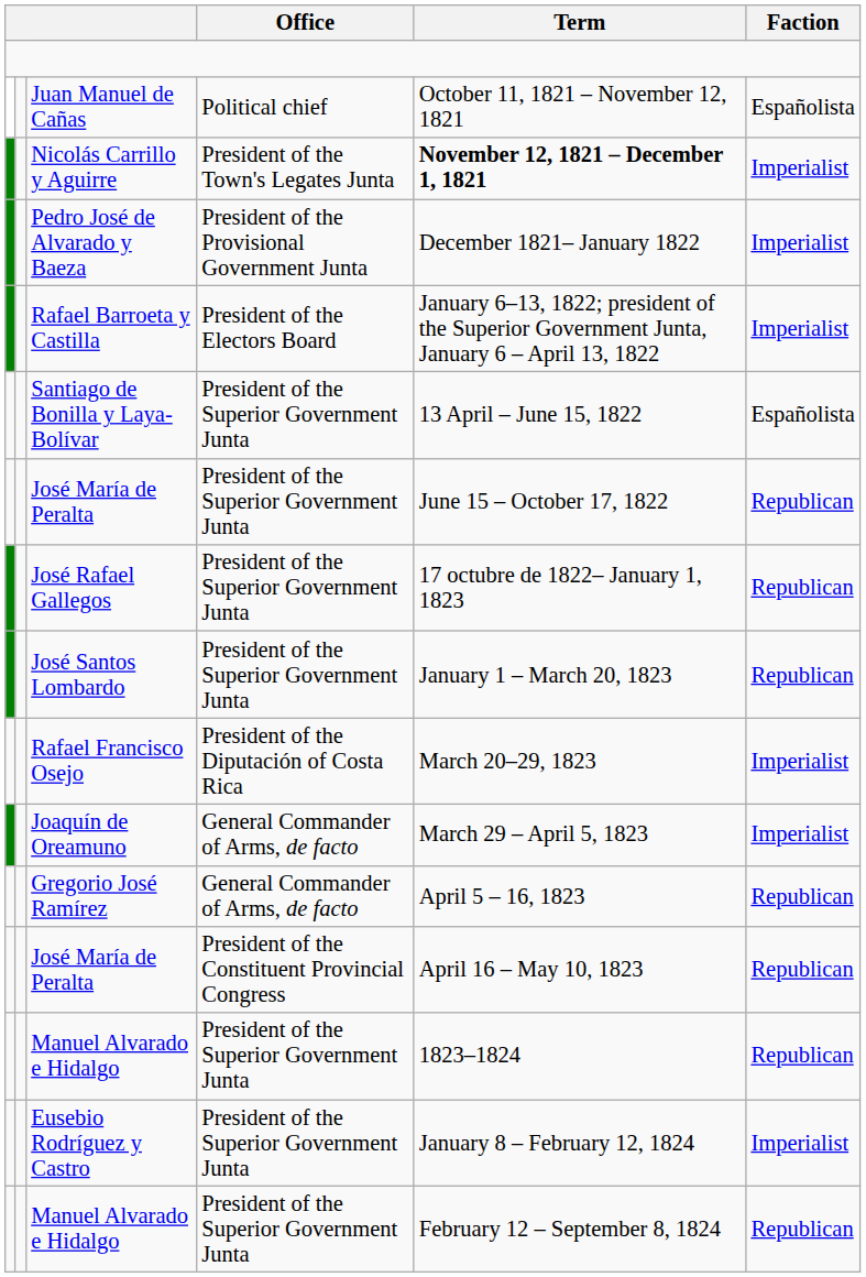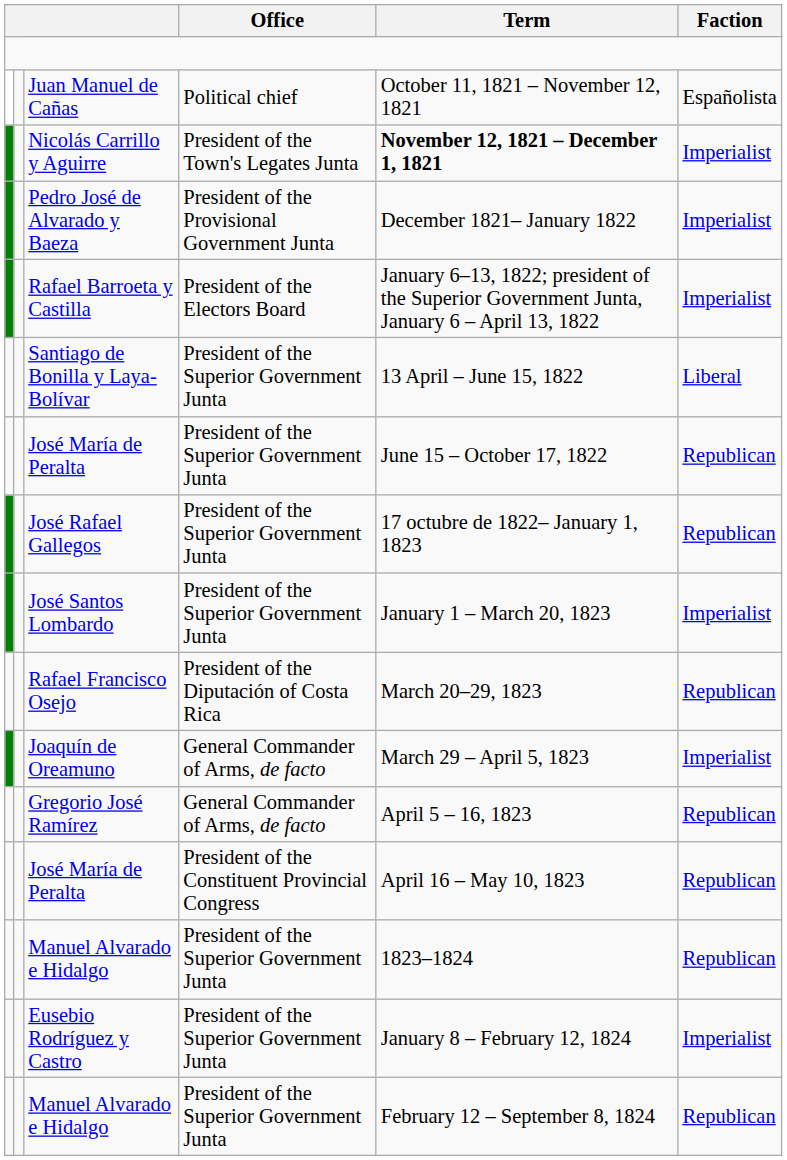 <table class="wikitable">
 <tr>
 <th Colspan=3></th>
 <th>Office</th>
 <th>Term</th>
 <th>Faction</th>
 </tr>
 <tr>
 <td colspan=7><br><div>   </div></td>
 </tr>
 <tr>
 <td style="background:white"></td>
 <td></td>
 <td><a href='#'>Juan Manuel de Cañas</a></td>
 <td>Political chief</td>
 <td>October 11, 1821 – November 12, 1821</td>
 <td>Españolista</td>
 </tr>
 <tr>
 <td style="background:Green"></td>
 <td></td>
 <td><a href='#'>Nicolás Carrillo y Aguirre</a></td>
 <td>President of the Town's Legates Junta</td>
 <td><strong>November 12, 1821 – December 1, 1821</strong></td>
 <td><a href='#'>Imperialist</a></td>
 </tr>
 <tr>
 <td style="background:Green"></td>
 <td></td>
 <td><a href='#'>Pedro José de Alvarado y Baeza</a></td>
 <td>President of the Provisional Government Junta</td>
 <td>December 1821– January 1822</td>
 <td><a href='#'>Imperialist</a></td>
 </tr>
 <tr>
 <td style="background:Green"></td>
 <td></td>
 <td><a href='#'>Rafael Barroeta y Castilla</a></td>
 <td>President of the Electors Board</td>
 <td>January 6–13, 1822; president of the Superior Government Junta, January 6 – April 13, 1822</td>
 <td><a href='#'>Imperialist</a></td>
 </tr>
 <tr>
 <td style="background:"></td>
 <td></td>
 <td><a href='#'>Santiago de Bonilla y Laya-Bolívar</a></td>
 <td>President of the Superior Government Junta</td>
 <td>13 April – June 15, 1822</td>
-<td>Españolista</td>
+<td><a href='#'>Liberal</a></td>
 </tr>
 <tr>
 <td style="background:"></td>
 <td></td>
 <td><a href='#'>José María de Peralta</a></td>
 <td>President of the Superior Government Junta</td>
 <td>June 15  – October 17, 1822</td>
 <td><a href='#'>Republican</a></td>
 </tr>
 <tr>
 <td style="background:Green"></td>
 <td></td>
 <td><a href='#'>José Rafael Gallegos</a></td>
 <td>President of the Superior Government Junta</td>
 <td>17 octubre de 1822– January 1, 1823</td>
 <td><a href='#'>Republican</a></td>
 </tr>
 <tr>
 <td style="background:Green"></td>
 <td></td>
 <td><a href='#'>José Santos Lombardo</a></td>
 <td>President of the Superior Government Junta</td>
 <td>January 1 – March 20, 1823</td>
-<td><a href='#'>Republican</a></td>
+<td><a href='#'>Imperialist</a></td>
 </tr>
 <tr>
 <td style="background:"></td>
 <td></td>
 <td><a href='#'>Rafael Francisco Osejo</a></td>
 <td>President of the Diputación of Costa Rica</td>
 <td>March 20–29, 1823</td>
-<td><a href='#'>Imperialist</a></td>
+<td><a href='#'>Republican</a></td>
 </tr>
 <tr>
 <td style="background:Green"></td>
 <td></td>
 <td><a href='#'>Joaquín de Oreamuno</a></td>
 <td>General Commander of Arms, <em>de facto</em></td>
 <td>March 29 – April 5, 1823</td>
 <td><a href='#'>Imperialist</a></td>
 </tr>
 <tr>
 <td style="background:"></td>
 <td></td>
 <td><a href='#'>Gregorio José Ramírez</a></td>
 <td>General Commander of Arms, <em>de facto</em></td>
 <td>April 5 – 16, 1823</td>
 <td><a href='#'>Republican</a></td>
 </tr>
 <tr>
 <td style="background:"></td>
 <td></td>
 <td><a href='#'>José María de Peralta</a></td>
 <td>President of the Constituent Provincial Congress</td>
 <td>April 16 – May 10, 1823</td>
 <td><a href='#'>Republican</a></td>
 </tr>
 <tr>
 <td style="background:"></td>
 <td></td>
 <td><a href='#'>Manuel Alvarado e Hidalgo</a></td>
 <td>President of the Superior Government Junta</td>
 <td>1823–1824</td>
 <td><a href='#'>Republican</a></td>
 </tr>
 <tr>
 <td style="background:"></td>
 <td></td>
 <td><a href='#'>Eusebio Rodríguez y Castro</a></td>
 <td>President of the Superior Government Junta</td>
 <td>January 8  – February 12, 1824</td>
 <td><a href='#'>Imperialist</a></td>
 </tr>
 <tr>
 <td style="background:"></td>
 <td></td>
 <td><a href='#'>Manuel Alvarado e Hidalgo</a></td>
 <td>President of the Superior Government Junta</td>
 <td>February 12 – September 8, 1824</td>
 <td><a href='#'>Republican</a></td>
 </tr>
 </table>
